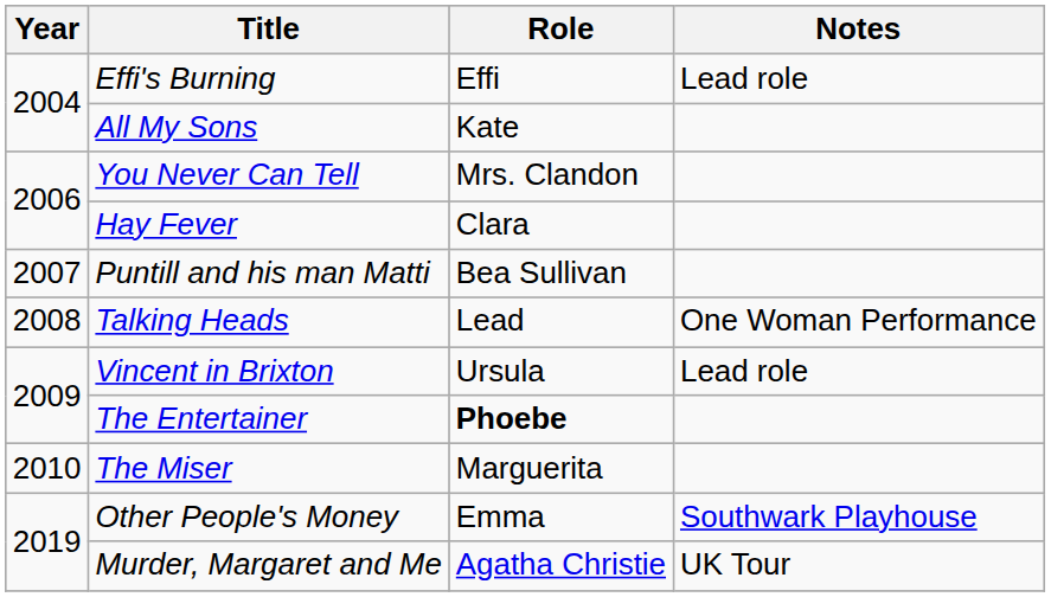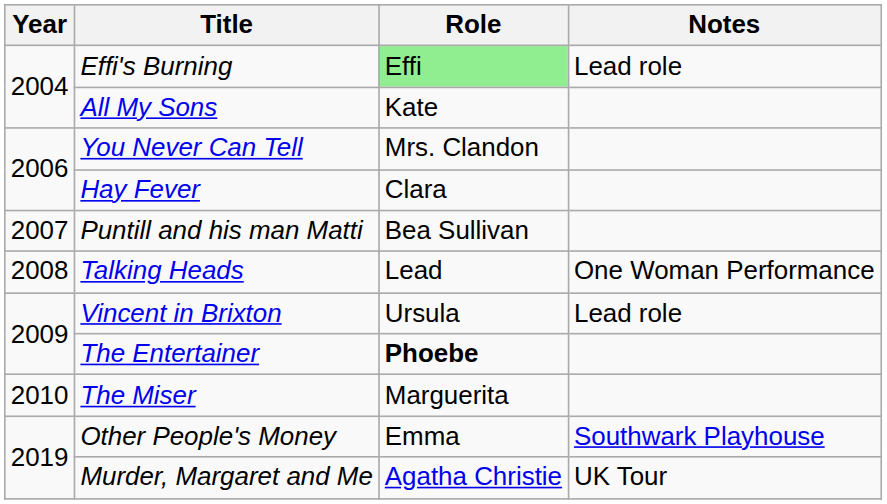 <table class="wikitable sortable">
 <tr>
 <th>Year</th>
 <th>Title</th>
 <th>Role</th>
 <th>Notes</th>
 </tr>
 <tr>
 <td rowspan="2">2004</td>
 <td><em>Effi's Burning</em></td>
-<td>Effi</td>
+<td style="background: lightgreen;">Effi</td>
 <td>Lead role</td>
 </tr>
 <tr>
 <td><em><a href='#'>All My Sons</a></em></td>
 <td>Kate</td>
 <td></td>
 </tr>
 <tr>
 <td rowspan="2">2006</td>
 <td><em><a href='#'>You Never Can Tell</a></em></td>
 <td>Mrs. Clandon</td>
 <td></td>
 </tr>
 <tr>
 <td><em><a href='#'>Hay Fever</a></em></td>
 <td>Clara</td>
 <td></td>
 </tr>
 <tr>
 <td>2007</td>
 <td><em>Puntill and his man Matti</em></td>
 <td>Bea Sullivan</td>
 <td></td>
 </tr>
 <tr>
 <td>2008</td>
 <td><em><a href='#'>Talking Heads</a></em></td>
 <td>Lead</td>
 <td>One Woman Performance</td>
 </tr>
 <tr>
 <td rowspan="2">2009</td>
 <td><em><a href='#'>Vincent in Brixton</a></em></td>
 <td>Ursula</td>
 <td>Lead role</td>
 </tr>
 <tr>
 <td><em><a href='#'>The Entertainer</a></em></td>
 <td><strong>Phoebe</strong></td>
 <td></td>
 </tr>
 <tr>
 <td>2010</td>
 <td><em><a href='#'>The Miser</a></em></td>
 <td>Marguerita</td>
 <td></td>
 </tr>
 <tr>
 <td rowspan="2">2019</td>
 <td><em>Other People's Money</em></td>
 <td>Emma</td>
 <td><a href='#'>Southwark Playhouse</a></td>
 </tr>
 <tr>
 <td><em>Murder, Margaret and Me</em></td>
 <td><a href='#'>Agatha Christie</a></td>
 <td>UK Tour</td>
 </tr>
 </table>
